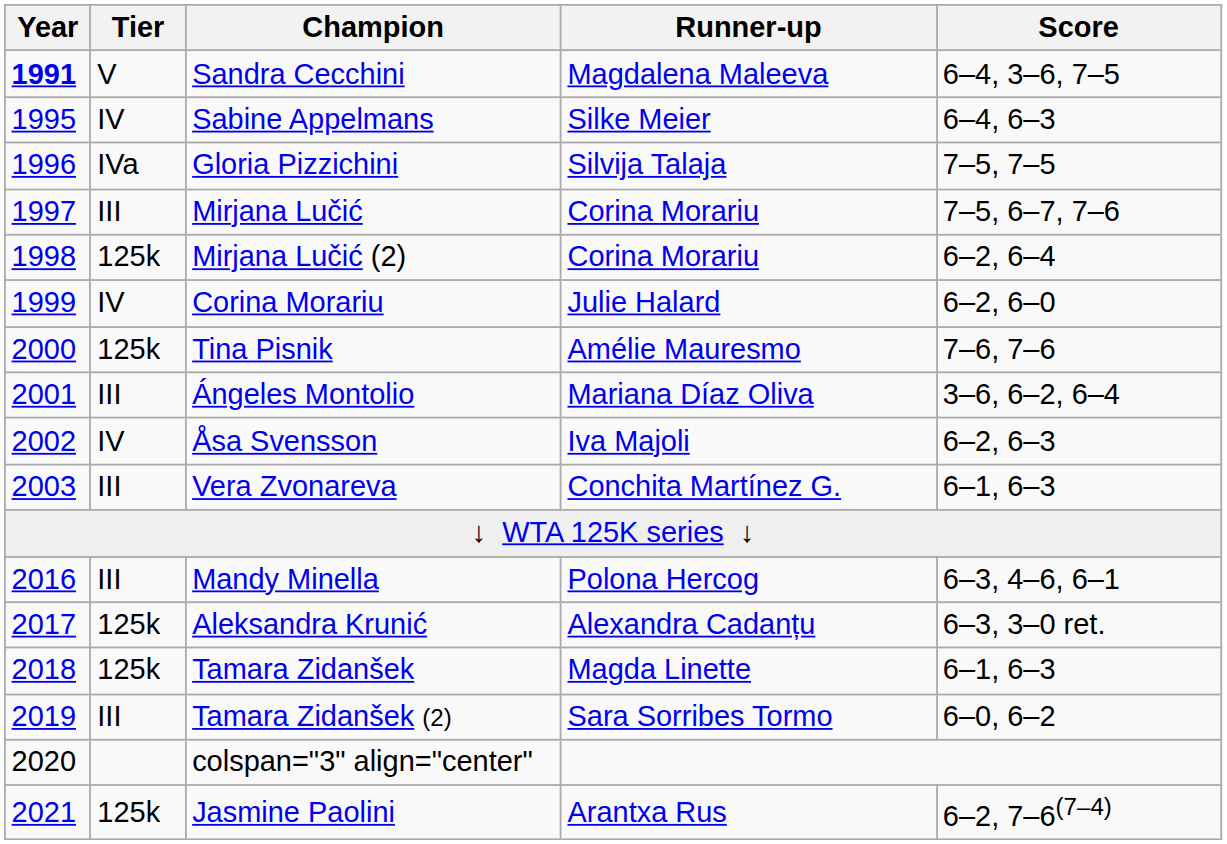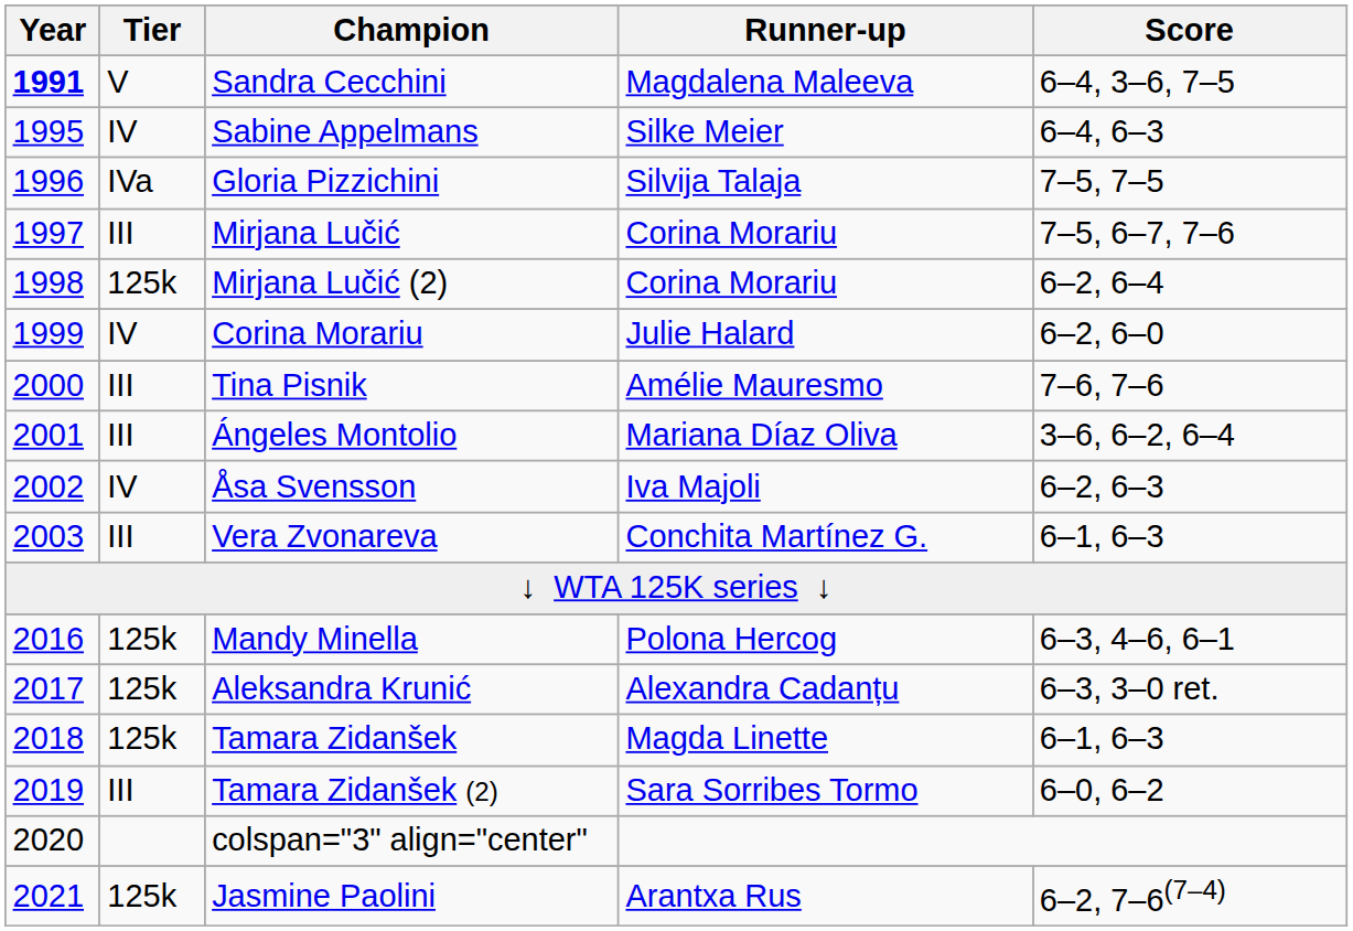 <table class=wikitable>
 <tr>
 <th style="width:40px">Year</th>
 <th style="width:45px">Tier</th>
 <th style="width:200px">Champion</th>
 <th style="width:200px">Runner-up</th>
 <th style="width:150px" class="unsortable">Score</th>
 </tr>
 <tr>
 <td><strong><a href='#'>1991</a></strong></td>
 <td>V</td>
 <td> <a href='#'>Sandra Cecchini</a></td>
 <td> <a href='#'>Magdalena Maleeva</a></td>
 <td>6–4, 3–6, 7–5</td>
 </tr>
 <tr>
 <td><a href='#'>1995</a></td>
 <td>IV</td>
 <td> <a href='#'>Sabine Appelmans</a></td>
 <td> <a href='#'>Silke Meier</a></td>
 <td>6–4, 6–3</td>
 </tr>
 <tr>
 <td><a href='#'>1996</a></td>
 <td>IVa</td>
 <td> <a href='#'>Gloria Pizzichini</a></td>
 <td> <a href='#'>Silvija Talaja</a></td>
 <td>7–5, 7–5</td>
 </tr>
 <tr>
 <td><a href='#'>1997</a></td>
 <td>III</td>
 <td> <a href='#'>Mirjana Lučić</a></td>
 <td> <a href='#'>Corina Morariu</a></td>
 <td>7–5, 6–7, 7–6</td>
 </tr>
 <tr>
 <td><a href='#'>1998</a></td>
 <td>125k</td>
 <td> <a href='#'>Mirjana Lučić</a> (2)</td>
 <td> <a href='#'>Corina Morariu</a></td>
 <td>6–2, 6–4</td>
 </tr>
 <tr>
 <td><a href='#'>1999</a></td>
 <td>IV</td>
 <td> <a href='#'>Corina Morariu</a></td>
 <td> <a href='#'>Julie Halard</a></td>
 <td>6–2, 6–0</td>
 </tr>
 <tr>
 <td><a href='#'>2000</a></td>
-<td>125k</td>
+<td>III</td>
 <td> <a href='#'>Tina Pisnik</a></td>
 <td> <a href='#'>Amélie Mauresmo</a></td>
 <td>7–6, 7–6</td>
 </tr>
 <tr>
 <td><a href='#'>2001</a></td>
 <td>III</td>
 <td> <a href='#'>Ángeles Montolio</a></td>
 <td> <a href='#'>Mariana Díaz Oliva</a></td>
 <td>3–6, 6–2, 6–4</td>
 </tr>
 <tr>
 <td><a href='#'>2002</a></td>
 <td>IV</td>
 <td> <a href='#'>Åsa Svensson</a></td>
 <td> <a href='#'>Iva Majoli</a></td>
 <td>6–2, 6–3</td>
 </tr>
 <tr>
 <td><a href='#'>2003</a></td>
 <td>III</td>
 <td> <a href='#'>Vera Zvonareva</a></td>
 <td> <a href='#'>Conchita Martínez G.</a></td>
 <td>6–1, 6–3</td>
 </tr>
 <tr>
 <td colspan=6 align=center style=background:#efefef>↓  <a href='#'>WTA 125K series</a>  ↓</td>
 </tr>
 <tr>
 <td><a href='#'>2016</a></td>
-<td>III</td>
+<td>125k</td>
 <td> <a href='#'>Mandy Minella</a></td>
 <td> <a href='#'>Polona Hercog</a></td>
 <td>6–3, 4–6, 6–1</td>
 </tr>
 <tr>
 <td><a href='#'>2017</a></td>
 <td>125k</td>
 <td> <a href='#'>Aleksandra Krunić</a></td>
 <td> <a href='#'>Alexandra Cadanțu</a></td>
 <td>6–3, 3–0 ret.</td>
 </tr>
 <tr>
 <td><a href='#'>2018</a></td>
 <td>125k</td>
 <td> <a href='#'>Tamara Zidanšek</a></td>
 <td> <a href='#'>Magda Linette</a></td>
 <td>6–1, 6–3</td>
 </tr>
 <tr>
 <td><a href='#'>2019</a></td>
 <td>III</td>
 <td> <a href='#'>Tamara Zidanšek</a> <small>(2)</small></td>
 <td> <a href='#'>Sara Sorribes Tormo</a></td>
 <td>6–0, 6–2</td>
 </tr>
 <tr>
 <td>2020</td>
 <td></td>
 <td>colspan="3" align="center" </td>
 </tr>
 <tr>
 <td><a href='#'>2021</a></td>
 <td>125k</td>
 <td> <a href='#'>Jasmine Paolini</a></td>
 <td> <a href='#'>Arantxa Rus</a></td>
 <td>6–2, 7–6<sup>(7–4)</sup></td>
 </tr>
 </table>
